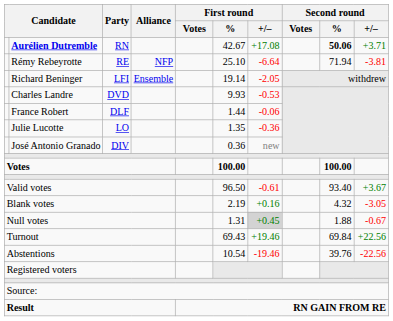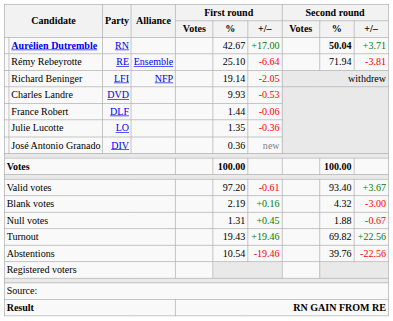 <table class="wikitable" style="text-align:right;font-size:95%;">
 <tr>
 <th rowspan="2" colspan="2">Candidate</th>
 <th colspan="1" rowspan="2">Party</th>
 <th colspan="1" rowspan="2">Alliance</th>
 <th colspan="3">First round</th>
 <th colspan="3">Second round</th>
 </tr>
 <tr>
 <th style="width:50px;">Votes</th>
 <th style="width:45px;">%</th>
 <th style="width:45px;">+/–</th>
 <th style="width:50px;">Votes</th>
 <th style="width:45px;">%</th>
 <th style="width:45px;">+/–</th>
 </tr>
 <tr>
 <td style="background:"></td>
 <td style="text-align:left;"><strong><a href='#'>Aurélien Dutremble</a></strong></td>
 <td><a href='#'>RN</a></td>
 <td></td>
 <td></td>
 <td>42.67</td>
-<td style="color:green;">+17.08</td>
+<td style="color:green;">+17.00</td>
 <td><strong></strong></td>
-<td><strong>50.06</strong></td>
+<td><strong>50.04</strong></td>
 <td style="color:green;">+3.71</td>
 </tr>
 <tr>
 <td style="background:"></td>
 <td style="text-align:left;">Rémy Rebeyrotte</td>
 <td><a href='#'>RE</a></td>
-<td><a href='#'>NFP</a></td>
+<td><a href='#'>Ensemble</a></td>
 <td></td>
 <td>25.10</td>
 <td style="color:red;">-6.64</td>
 <td></td>
 <td>71.94</td>
 <td style="color:red;">-3.81</td>
 </tr>
 <tr>
 <td style="background:"></td>
 <td style="text-align:left;">Richard Beninger</td>
 <td><a href='#'>LFI</a></td>
-<td><a href='#'>Ensemble</a></td>
+<td><a href='#'>NFP</a></td>
 <td></td>
 <td>19.14</td>
 <td style="color:red;">-2.05</td>
 <td colspan="3" style="background:#E9E9E9;">withdrew</td>
 </tr>
 <tr>
 <td style="background:"></td>
 <td style="text-align:left;">Charles Landre</td>
 <td><a href='#'>DVD</a></td>
 <td></td>
 <td></td>
 <td>9.93</td>
 <td style="color:red;">-0.53</td>
 <td colspan="3" rowspan="4" style="background:#E9E9E9;"></td>
 </tr>
 <tr>
 <td style="background:"></td>
 <td style="text-align:left;">France Robert</td>
 <td><a href='#'>DLF</a></td>
 <td></td>
 <td></td>
 <td>1.44</td>
 <td style="color:red;">-0.06</td>
 </tr>
 <tr>
 <td style="background:"></td>
 <td style="text-align:left;">Julie Lucotte</td>
 <td><a href='#'>LO</a></td>
 <td></td>
 <td></td>
 <td>1.35</td>
 <td style="color:red;">-0.36</td>
 </tr>
 <tr>
 <td style="background:"></td>
 <td style="text-align:left;">José Antonio Granado</td>
 <td><a href='#'>DIV</a></td>
 <td></td>
 <td></td>
 <td>0.36</td>
 <td style="color:grey;">new</td>
 </tr>
 <tr>
 <td colspan="10" style="background:#E9E9E9;"></td>
 </tr>
 <tr style="font-weight:bold;">
 <td colspan="4" style="text-align:left;">Votes</td>
 <td></td>
 <td>100.00</td>
 <td></td>
 <td></td>
 <td>100.00</td>
 <td></td>
 </tr>
 <tr>
 <td colspan="10" style="background:#E9E9E9;"></td>
 </tr>
 <tr>
 <td colspan="4" style="text-align:left;">Valid votes</td>
 <td></td>
-<td>96.50</td>
+<td>97.20</td>
 <td style="color:red;">-0.61</td>
 <td></td>
 <td>93.40</td>
 <td style="color:green;">+3.67</td>
 </tr>
 <tr>
 <td colspan="4" style="text-align:left;">Blank votes</td>
 <td></td>
 <td>2.19</td>
 <td style="color:green;">+0.16</td>
 <td></td>
 <td>4.32</td>
-<td style="color:red;">-3.05</td>
+<td style="color:red;">-3.00</td>
 </tr>
 <tr>
 <td colspan="4" style="text-align:left;">Null votes</td>
 <td></td>
 <td>1.31</td>
-<td style="background: lightgrey; color:green;">+0.45</td>
+<td style="color:green;">+0.45</td>
 <td></td>
 <td>1.88</td>
 <td style="color:red;">-0.67</td>
 </tr>
 <tr>
 <td colspan="4" style="text-align:left;">Turnout</td>
 <td></td>
-<td>69.43</td>
+<td>19.43</td>
 <td style="color:green;">+19.46</td>
 <td></td>
-<td>69.84</td>
+<td>69.82</td>
 <td style="color:green;">+22.56</td>
 </tr>
 <tr>
 <td colspan="4" style="text-align:left;">Abstentions</td>
 <td></td>
 <td>10.54</td>
 <td style="color:red;">-19.46</td>
 <td></td>
 <td>39.76</td>
 <td style="color:red;">-22.56</td>
 </tr>
 <tr>
 <td colspan="4" style="text-align:left;">Registered voters</td>
 <td></td>
 <td colspan="2" style="background:#E9E9E9;"></td>
 <td></td>
 <td colspan="2" style="background:#E9E9E9;"></td>
 </tr>
 <tr>
 <td colspan="10" style="background:#E9E9E9;"></td>
 </tr>
 <tr>
 <td colspan="10" style="text-align:left;">Source: </td>
 </tr>
 <tr style="font-weight:bold">
 <td colspan="4" style="text-align:left;">Result</td>
 <td colspan="6" style="background-color:">RN GAIN FROM RE</td>
 </tr>
 </table>
